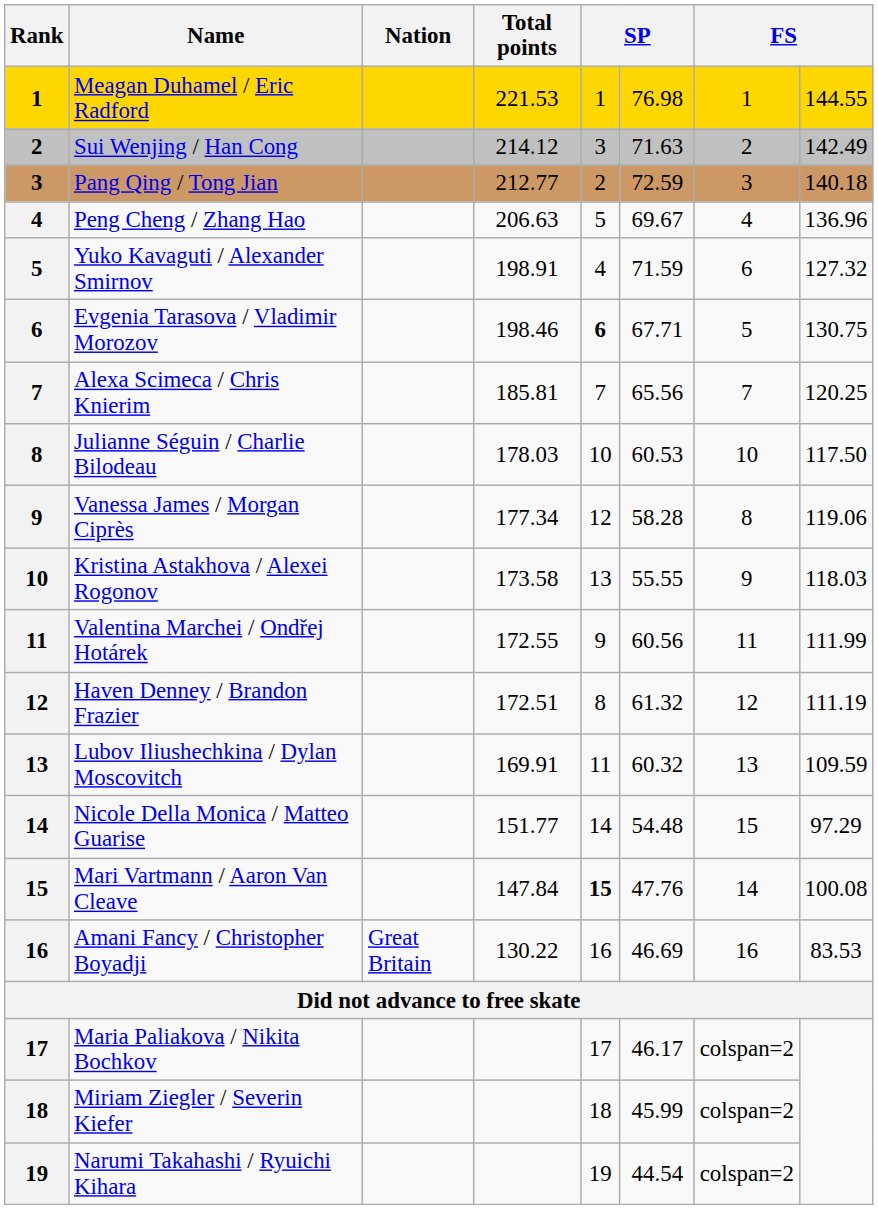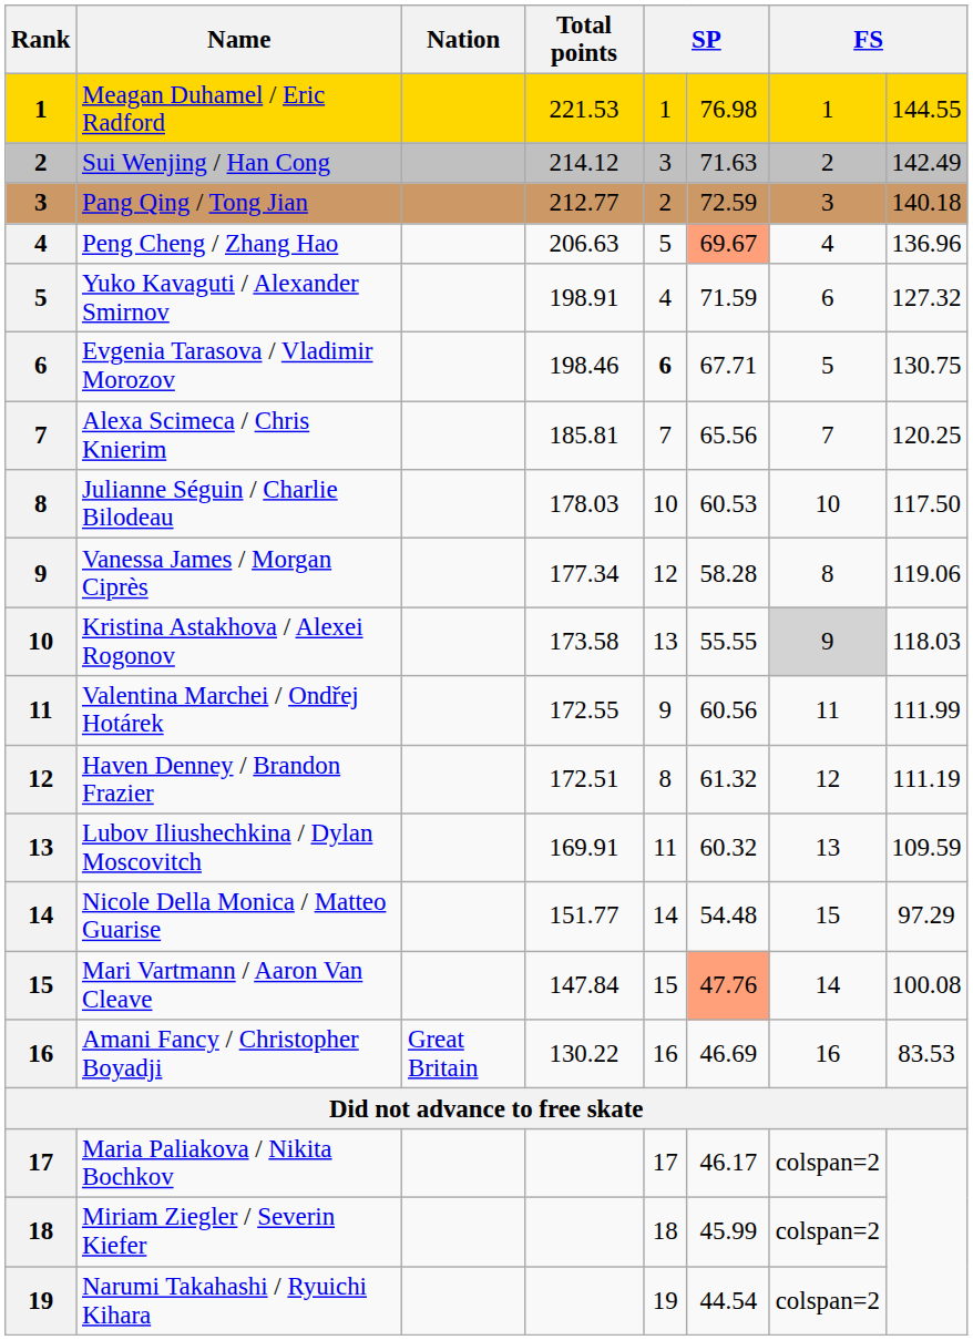 <table class="wikitable sortable">
 <tr>
 <th>Rank</th>
 <th>Name</th>
 <th>Nation</th>
 <th>Total points</th>
 <th colspan="2" width="80px"><a href='#'>SP</a></th>
 <th colspan="2" width="80px"><a href='#'>FS</a></th>
 </tr>
 <tr bgcolor="gold">
 <td align="center"><strong>1</strong></td>
 <td><a href='#'>Meagan Duhamel</a> / <a href='#'>Eric Radford</a></td>
 <td></td>
 <td align="center">221.53</td>
 <td align="center">1</td>
 <td align="center">76.98</td>
 <td align="center">1</td>
 <td align="center">144.55</td>
 </tr>
 <tr bgcolor="silver">
 <td align="center"><strong>2</strong></td>
 <td><a href='#'>Sui Wenjing</a> / <a href='#'>Han Cong</a></td>
 <td></td>
 <td align="center">214.12</td>
 <td align="center">3</td>
 <td align="center">71.63</td>
 <td align="center">2</td>
 <td align="center">142.49</td>
 </tr>
 <tr bgcolor="cc9966">
 <td align="center"><strong>3</strong></td>
 <td><a href='#'>Pang Qing</a> / <a href='#'>Tong Jian</a></td>
 <td></td>
 <td align="center">212.77</td>
 <td align="center">2</td>
 <td align="center">72.59</td>
 <td align="center">3</td>
 <td align="center">140.18</td>
 </tr>
 <tr>
 <th>4</th>
 <td><a href='#'>Peng Cheng</a> / <a href='#'>Zhang Hao</a></td>
 <td></td>
 <td align="center">206.63</td>
 <td align="center">5</td>
-<td align="center">69.67</td>
+<td align="center" style="background: lightsalmon;">69.67</td>
 <td align="center">4</td>
 <td align="center">136.96</td>
 </tr>
 <tr>
 <th>5</th>
 <td><a href='#'>Yuko Kavaguti</a> / <a href='#'>Alexander Smirnov</a></td>
 <td></td>
 <td align="center">198.91</td>
 <td align="center">4</td>
 <td align="center">71.59</td>
 <td align="center">6</td>
 <td align="center">127.32</td>
 </tr>
 <tr>
 <th>6</th>
 <td><a href='#'>Evgenia Tarasova</a> / <a href='#'>Vladimir Morozov</a></td>
 <td></td>
 <td align="center">198.46</td>
 <td align="center"><strong>6</strong></td>
 <td align="center">67.71</td>
 <td align="center">5</td>
 <td align="center">130.75</td>
 </tr>
 <tr>
 <th>7</th>
 <td><a href='#'>Alexa Scimeca</a> / <a href='#'>Chris Knierim</a></td>
 <td></td>
 <td align="center">185.81</td>
 <td align="center">7</td>
 <td align="center">65.56</td>
 <td align="center">7</td>
 <td align="center">120.25</td>
 </tr>
 <tr>
 <th>8</th>
 <td><a href='#'>Julianne Séguin</a> / <a href='#'>Charlie Bilodeau</a></td>
 <td></td>
 <td align="center">178.03</td>
 <td align="center">10</td>
 <td align="center">60.53</td>
 <td align="center">10</td>
 <td align="center">117.50</td>
 </tr>
 <tr>
 <th>9</th>
 <td><a href='#'>Vanessa James</a> / <a href='#'>Morgan Ciprès</a></td>
 <td></td>
 <td align="center">177.34</td>
 <td align="center">12</td>
 <td align="center">58.28</td>
 <td align="center">8</td>
 <td align="center">119.06</td>
 </tr>
 <tr>
 <th>10</th>
 <td><a href='#'>Kristina Astakhova</a> / <a href='#'>Alexei Rogonov</a></td>
 <td></td>
 <td align="center">173.58</td>
 <td align="center">13</td>
 <td align="center">55.55</td>
-<td align="center">9</td>
+<td align="center" style="background: lightgrey;">9</td>
 <td align="center">118.03</td>
 </tr>
 <tr>
 <th>11</th>
 <td><a href='#'>Valentina Marchei</a> / <a href='#'>Ondřej Hotárek</a></td>
 <td></td>
 <td align="center">172.55</td>
 <td align="center">9</td>
 <td align="center">60.56</td>
 <td align="center">11</td>
 <td align="center">111.99</td>
 </tr>
 <tr>
 <th>12</th>
 <td><a href='#'>Haven Denney</a> / <a href='#'>Brandon Frazier</a></td>
 <td></td>
 <td align="center">172.51</td>
 <td align="center">8</td>
 <td align="center">61.32</td>
 <td align="center">12</td>
 <td align="center">111.19</td>
 </tr>
 <tr>
 <th>13</th>
 <td><a href='#'>Lubov Iliushechkina</a> / <a href='#'>Dylan Moscovitch</a></td>
 <td></td>
 <td align="center">169.91</td>
 <td align="center">11</td>
 <td align="center">60.32</td>
 <td align="center">13</td>
 <td align="center">109.59</td>
 </tr>
 <tr>
 <th>14</th>
 <td><a href='#'>Nicole Della Monica</a> / <a href='#'>Matteo Guarise</a></td>
 <td></td>
 <td align="center">151.77</td>
 <td align="center">14</td>
 <td align="center">54.48</td>
 <td align="center">15</td>
 <td align="center">97.29</td>
 </tr>
 <tr>
 <th>15</th>
 <td><a href='#'>Mari Vartmann</a> / <a href='#'>Aaron Van Cleave</a></td>
 <td></td>
 <td align="center">147.84</td>
-<td align="center"><strong>15</strong></td>
-<td align="center">47.76</td>
+<td align="center">15</td>
+<td align="center" style="background: lightsalmon;">47.76</td>
 <td align="center">14</td>
 <td align="center">100.08</td>
 </tr>
 <tr>
 <th>16</th>
 <td><a href='#'>Amani Fancy</a> / <a href='#'>Christopher Boyadji</a></td>
 <td> <a href='#'>Great Britain</a></td>
 <td align="center">130.22</td>
 <td align="center">16</td>
 <td align="center">46.69</td>
 <td align="center">16</td>
 <td align="center">83.53</td>
 </tr>
 <tr>
 <th colspan=10>Did not advance to free skate</th>
 </tr>
 <tr>
 <th>17</th>
 <td><a href='#'>Maria Paliakova</a> / <a href='#'>Nikita Bochkov</a></td>
 <td></td>
 <td></td>
 <td align="center">17</td>
 <td align="center">46.17</td>
 <td>colspan=2 </td>
 </tr>
 <tr>
 <th>18</th>
 <td><a href='#'>Miriam Ziegler</a> / <a href='#'>Severin Kiefer</a></td>
 <td></td>
 <td></td>
 <td align="center">18</td>
 <td align="center">45.99</td>
 <td>colspan=2 </td>
 </tr>
 <tr>
 <th>19</th>
 <td><a href='#'>Narumi Takahashi</a> / <a href='#'>Ryuichi Kihara</a></td>
 <td></td>
 <td></td>
 <td align="center">19</td>
 <td align="center">44.54</td>
 <td>colspan=2 </td>
 </tr>
 </table>
